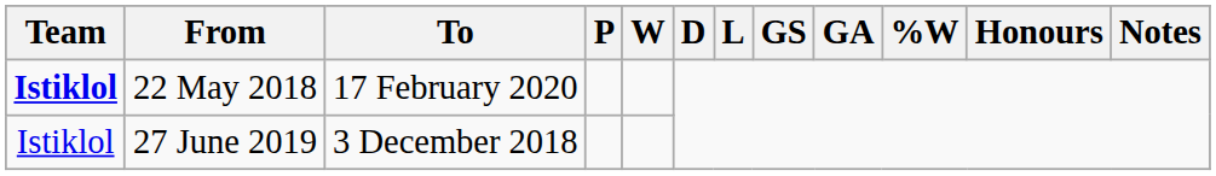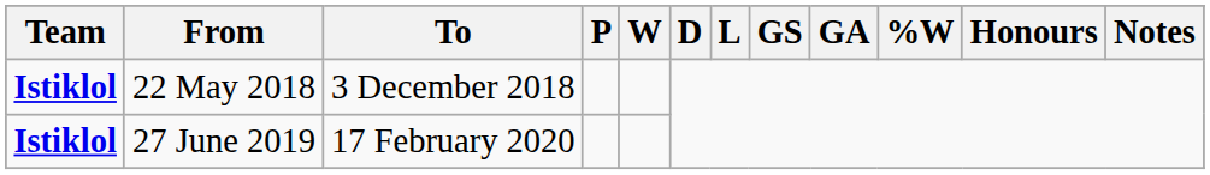 <table class="wikitable sortable" style="text-align: center">
 <tr>
 <th class="unsortable">Team</th>
 <th class="unsortable">From</th>
 <th class="unsortable">To</th>
 <th abbr="TOTAL OF MATCHES PLAYED">P</th>
 <th abbr="MATCHES WON">W</th>
 <th abbr="MATCHES DRAWN">D</th>
 <th abbr="MATCHES LOST">L</th>
 <th abbr="GOALS SCORED">GS</th>
 <th abbr="GOAL AGAINST">GA</th>
 <th abbr="PERCENTAGE OF MATCHES WON">%W</th>
 <th abbr="HONOURS">Honours</th>
 <th abbr="NOTES">Notes</th>
 </tr>
 <tr>
 <td><strong> <a href='#'>Istiklol</a></strong></td>
 <td align=left>22 May 2018</td>
+<td align=left>3 December 2018<br></td>
+<td style="text-align:left;font-size:smaller"></td>
+<td></td>
+</tr>
+<tr>
+<td><strong> <a href='#'>Istiklol</a></strong></td>
+<td align=left>27 June 2019</td>
 <td align=left>17 February 2020<br></td>
 <td style="text-align:left;font-size:smaller"></td>
 <td></td>
 </tr>
-<tr>
-<td> <a href='#'>Istiklol</a></td>
-<td align=left>27 June 2019</td>
-<td align=left>3 December 2018<br></td>
-<td style="text-align:left;font-size:smaller"></td>
-<td></td>
-</tr>
 </table>
